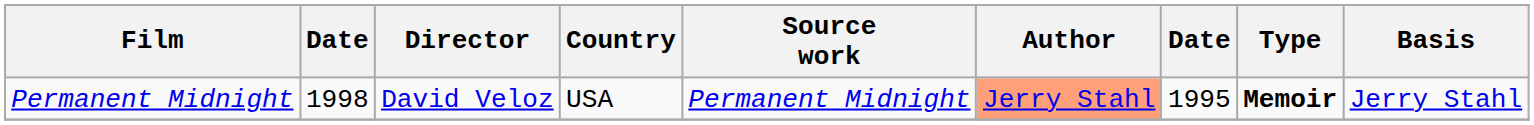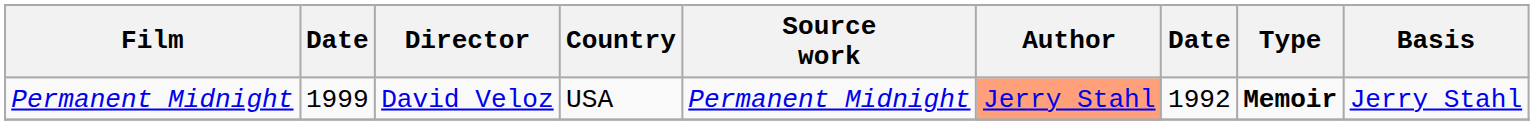 <table class="wikitable">
 <tr>
 <th>Film</th>
 <th>Date</th>
 <th>Director</th>
 <th>Country</th>
 <th>Source<br>work</th>
 <th>Author</th>
 <th>Date</th>
 <th>Type</th>
 <th>Basis</th>
 </tr>
 <tr>
 <td><em><a href='#'>Permanent Midnight</a></em></td>
-<td>1998</td>
+<td>1999</td>
 <td><a href='#'>David Veloz</a></td>
 <td>USA</td>
 <td><em><a href='#'>Permanent Midnight</a></em></td>
 <td style="background: lightsalmon;"><a href='#'>Jerry Stahl</a></td>
-<td>1995</td>
+<td>1992</td>
 <td><strong>Memoir</strong></td>
 <td><a href='#'>Jerry Stahl</a></td>
 </tr>
 <tr>
 </tr>
 </table>
